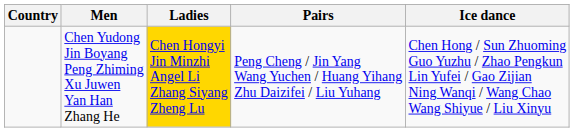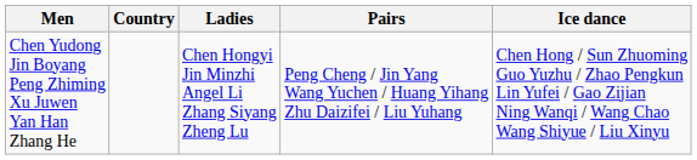 <table class="wikitable">
 <tr>
+<th>Men</th>
 <th>Country</th>
-<th>Men</th>
 <th>Ladies</th>
 <th>Pairs</th>
 <th>Ice dance</th>
 </tr>
 <tr>
+<td><a href='#'>Chen Yudong</a><br><a href='#'>Jin Boyang</a><br><a href='#'>Peng Zhiming</a><br><a href='#'>Xu Juwen</a><br><a href='#'>Yan Han</a><br>Zhang He</td>
 <td></td>
-<td><a href='#'>Chen Yudong</a><br><a href='#'>Jin Boyang</a><br><a href='#'>Peng Zhiming</a><br><a href='#'>Xu Juwen</a><br><a href='#'>Yan Han</a><br>Zhang He</td>
-<td style="background: gold;"><a href='#'>Chen Hongyi</a><br><a href='#'>Jin Minzhi</a><br><a href='#'>Angel Li</a><br><a href='#'>Zhang Siyang</a><br><a href='#'>Zheng Lu</a></td>
+<td><a href='#'>Chen Hongyi</a><br><a href='#'>Jin Minzhi</a><br><a href='#'>Angel Li</a><br><a href='#'>Zhang Siyang</a><br><a href='#'>Zheng Lu</a></td>
 <td><a href='#'>Peng Cheng</a> / <a href='#'>Jin Yang</a><br><a href='#'>Wang Yuchen</a> / <a href='#'>Huang Yihang</a><br><a href='#'>Zhu Daizifei</a> / <a href='#'>Liu Yuhang</a></td>
 <td><a href='#'>Chen Hong</a> / <a href='#'>Sun Zhuoming</a><br><a href='#'>Guo Yuzhu</a> / <a href='#'>Zhao Pengkun</a><br><a href='#'>Lin Yufei</a> / <a href='#'>Gao Zijian</a><br><a href='#'>Ning Wanqi</a> / <a href='#'>Wang Chao</a><br><a href='#'>Wang Shiyue</a> / <a href='#'>Liu Xinyu</a></td>
 </tr>
 </table>
